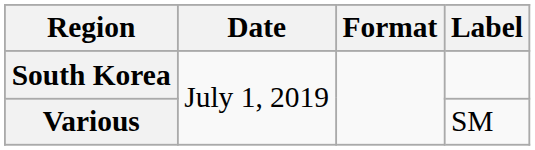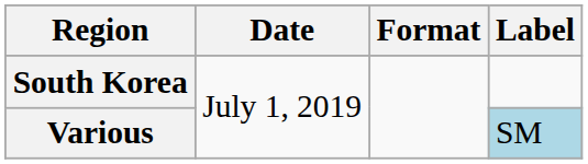 <table class="wikitable plainrowheaders">
 <tr>
 <th>Region</th>
 <th>Date</th>
 <th>Format</th>
 <th>Label</th>
 </tr>
 <tr>
 <th scope="row">South Korea</th>
 <td rowspan="2">July 1, 2019</td>
 <td rowspan="2"></td>
 <td></td>
 </tr>
 <tr>
 <th scope="row">Various</th>
-<td>SM</td>
+<td style="background: lightblue;">SM</td>
 </tr>
 </table>
